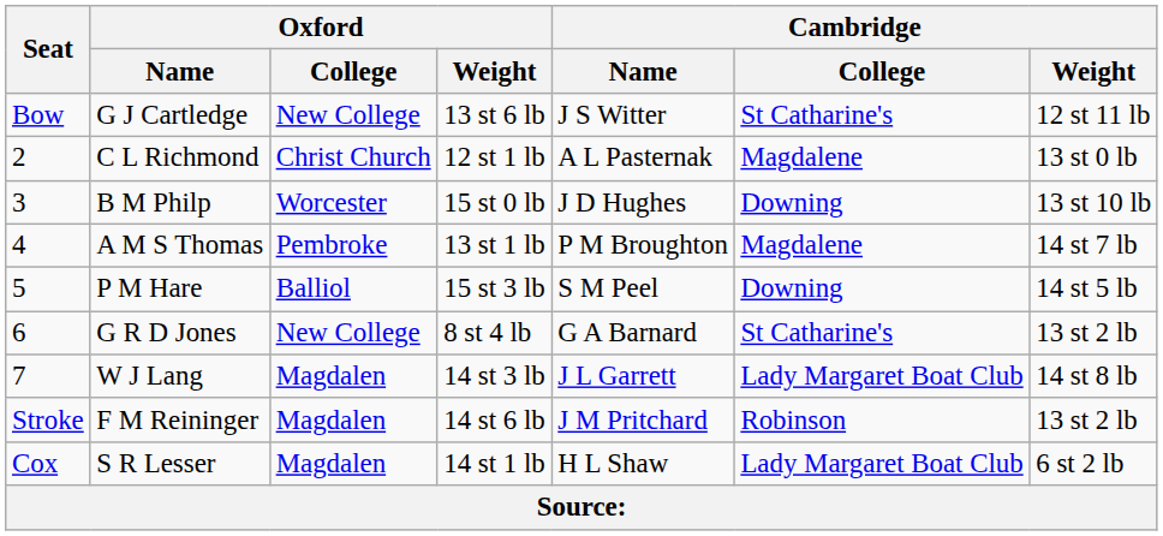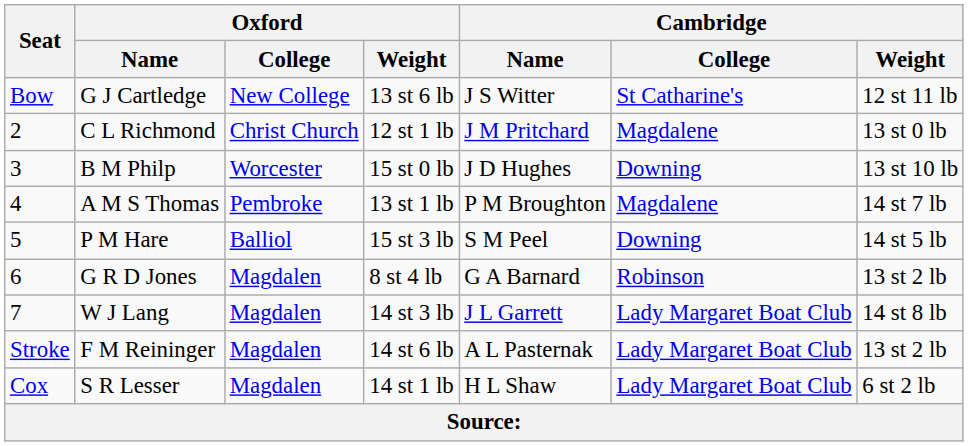 <table class="wikitable">
 <tr>
 <th rowspan="2" scope="col">Seat</th>
 <th colspan="3" scope="col">Oxford <br> </th>
 <th colspan="3" scope="col">Cambridge <br> </th>
 </tr>
 <tr>
 <th>Name</th>
 <th>College</th>
 <th>Weight</th>
 <th>Name</th>
 <th>College</th>
 <th>Weight</th>
 </tr>
 <tr>
 <td><a href='#'>Bow</a></td>
 <td>G J Cartledge</td>
 <td><a href='#'>New College</a></td>
 <td>13 st 6 lb</td>
 <td>J S Witter</td>
 <td><a href='#'>St Catharine's</a></td>
 <td>12 st 11 lb</td>
 </tr>
 <tr>
 <td>2</td>
 <td>C L Richmond</td>
 <td><a href='#'>Christ Church</a></td>
 <td>12 st 1 lb</td>
-<td>A L Pasternak</td>
+<td><a href='#'>J M Pritchard</a></td>
 <td><a href='#'>Magdalene</a></td>
 <td>13 st 0 lb</td>
 </tr>
 <tr>
 <td>3</td>
 <td>B M Philp</td>
 <td><a href='#'>Worcester</a></td>
 <td>15 st 0 lb</td>
 <td>J D Hughes</td>
 <td><a href='#'>Downing</a></td>
 <td>13 st 10 lb</td>
 </tr>
 <tr>
 <td>4</td>
 <td>A M S Thomas</td>
 <td><a href='#'>Pembroke</a></td>
 <td>13 st 1 lb</td>
 <td>P M Broughton</td>
 <td><a href='#'>Magdalene</a></td>
 <td>14 st 7 lb</td>
 </tr>
 <tr>
 <td>5</td>
 <td>P M Hare</td>
 <td><a href='#'>Balliol</a></td>
 <td>15 st 3 lb</td>
 <td>S M Peel</td>
 <td><a href='#'>Downing</a></td>
 <td>14 st 5 lb</td>
 </tr>
 <tr>
 <td>6</td>
 <td>G R D Jones</td>
-<td><a href='#'>New College</a></td>
+<td><a href='#'>Magdalen</a></td>
 <td>8 st 4 lb</td>
 <td>G A Barnard</td>
-<td><a href='#'>St Catharine's</a></td>
+<td><a href='#'>Robinson</a></td>
 <td>13 st 2 lb</td>
 </tr>
 <tr>
 <td>7</td>
 <td>W J Lang</td>
 <td><a href='#'>Magdalen</a></td>
 <td>14 st 3 lb</td>
 <td><a href='#'>J L Garrett</a></td>
 <td><a href='#'>Lady Margaret Boat Club</a></td>
 <td>14 st 8 lb</td>
 </tr>
 <tr>
 <td><a href='#'>Stroke</a></td>
 <td>F M Reininger</td>
 <td><a href='#'>Magdalen</a></td>
 <td>14 st 6 lb</td>
-<td><a href='#'>J M Pritchard</a></td>
-<td><a href='#'>Robinson</a></td>
+<td>A L Pasternak</td>
+<td><a href='#'>Lady Margaret Boat Club</a></td>
 <td>13 st 2 lb</td>
 </tr>
 <tr>
 <td><a href='#'>Cox</a></td>
 <td>S R Lesser</td>
 <td><a href='#'>Magdalen</a></td>
 <td>14 st 1 lb</td>
 <td>H L Shaw</td>
 <td><a href='#'>Lady Margaret Boat Club</a></td>
 <td>6 st 2 lb</td>
 </tr>
 <tr>
 <th colspan="7">Source:</th>
 </tr>
 </table>
